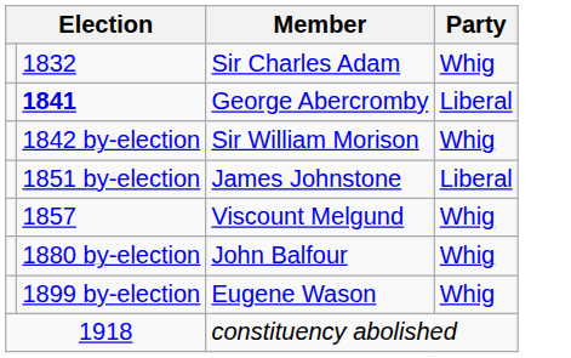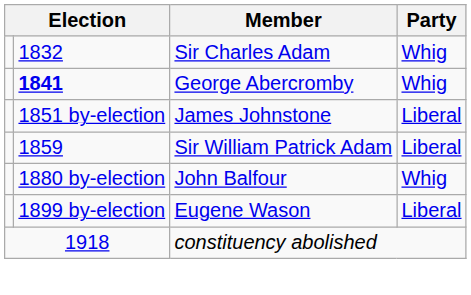 <table class="wikitable">
 <tr>
 <th colspan="2">Election</th>
 <th>Member </th>
 <th>Party</th>
 </tr>
 <tr>
 <td style="color:inherit;background-color: "></td>
 <td><a href='#'>1832</a></td>
 <td><a href='#'>Sir Charles Adam</a></td>
 <td><a href='#'>Whig</a></td>
 </tr>
 <tr>
 <td style="color:inherit;background-color: "></td>
 <td><strong><a href='#'>1841</a></strong></td>
 <td><a href='#'>George Abercromby</a></td>
-<td><a href='#'>Liberal</a></td>
-</tr>
-<tr>
-<td style="color:inherit;background-color: "></td>
-<td><a href='#'>1842 by-election</a></td>
-<td><a href='#'>Sir William Morison</a></td>
 <td><a href='#'>Whig</a></td>
 </tr>
 <tr>
 <td style="color:inherit;background-color: "></td>
 <td><a href='#'>1851 by-election</a></td>
 <td><a href='#'>James Johnstone</a></td>
 <td><a href='#'>Liberal</a></td>
 </tr>
 <tr>
 <td style="color:inherit;background-color: "></td>
-<td><a href='#'>1857</a></td>
-<td><a href='#'>Viscount Melgund</a></td>
-<td><a href='#'>Whig</a></td>
+<td><a href='#'>1859</a></td>
+<td><a href='#'>Sir William Patrick Adam</a></td>
+<td><a href='#'>Liberal</a></td>
 </tr>
 <tr>
 <td style="color:inherit;background-color: "></td>
 <td><a href='#'>1880 by-election</a></td>
 <td><a href='#'>John Balfour</a></td>
 <td><a href='#'>Whig</a></td>
 </tr>
 <tr>
 <td style="color:inherit;background-color: "></td>
 <td><a href='#'>1899 by-election</a></td>
 <td><a href='#'>Eugene Wason</a></td>
-<td><a href='#'>Whig</a></td>
+<td><a href='#'>Liberal</a></td>
 </tr>
 <tr>
 <td colspan="2" align="center"><a href='#'>1918</a></td>
 <td colspan="2"><em>constituency abolished</em></td>
 </tr>
 </table>
